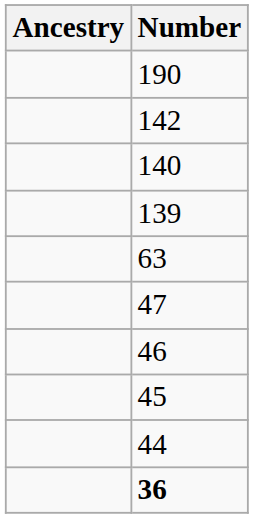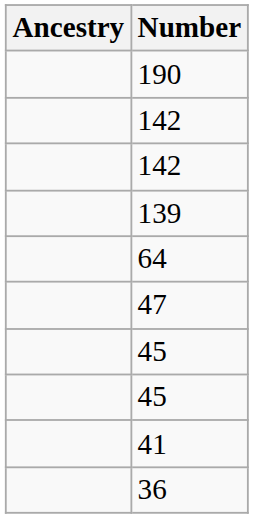 <table style="float: right;" class="wikitable sortable">
 <tr>
 <th>Ancestry</th>
 <th>Number</th>
 </tr>
 <tr>
 <td></td>
 <td>190</td>
 </tr>
 <tr>
 <td></td>
 <td>142</td>
 </tr>
 <tr>
 <td></td>
-<td>140</td>
+<td>142</td>
 </tr>
 <tr>
 <td></td>
 <td>139</td>
 </tr>
 <tr>
 <td></td>
-<td>63</td>
+<td>64</td>
 </tr>
 <tr>
 <td></td>
 <td>47</td>
 </tr>
 <tr>
 <td></td>
-<td>46</td>
+<td>45</td>
 </tr>
 <tr>
 <td></td>
 <td>45</td>
 </tr>
 <tr>
 <td></td>
-<td>44</td>
+<td>41</td>
 </tr>
 <tr>
 <td></td>
-<td><strong>36</strong></td>
+<td>36</td>
 </tr>
 </table>
